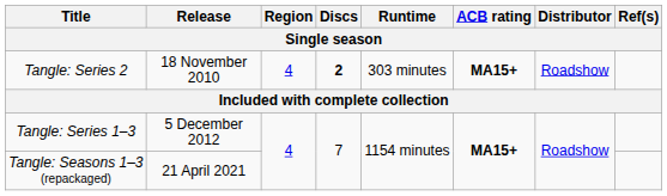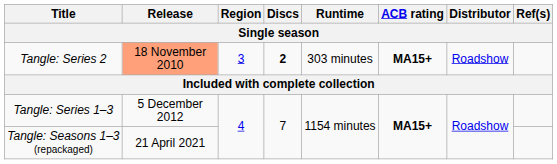 <table class="wikitable">
 <tr>
 <th width="150">Title</th>
 <th width="120">Release</th>
 <th>Region</th>
 <th>Discs</th>
 <th>Runtime</th>
 <th><a href='#'>ACB</a> rating</th>
 <th>Distributor</th>
 <th>Ref(s)</th>
 </tr>
 <tr>
 <th colspan=8>Single season</th>
 </tr>
 <tr>
 <td align="center"><em>Tangle: Series 2</em></td>
-<td align="center">18 November 2010</td>
-<td align="center"><a href='#'>4</a></td>
+<td align="center" style="background: lightsalmon;">18 November 2010</td>
+<td align="center"><a href='#'>3</a></td>
 <td align="center"><strong>2</strong></td>
 <td align="center">303 minutes</td>
 <td align="center"><span> <strong>MA15+</strong> </span></td>
 <td align="center"><a href='#'>Roadshow</a></td>
 <td align="center"></td>
 </tr>
 <tr>
 <th colspan=8>Included with complete collection</th>
 </tr>
 <tr>
 <td align="center"><em>Tangle: Series 1–3</em></td>
 <td align="center">5 December 2012</td>
 <td rowspan="2" align="center"><a href='#'>4</a></td>
 <td rowspan="2" align="center">7</td>
 <td rowspan="2" align="center">1154 minutes</td>
 <td rowspan="2" align="center"><span> <strong>MA15+</strong> </span></td>
 <td rowspan="2" align="center"><a href='#'>Roadshow</a></td>
 <td align="center"></td>
 </tr>
 <tr>
 <td align="center"><em>Tangle: Seasons 1–3</em> <small>(repackaged)</small></td>
 <td align="center">21 April 2021</td>
 <td align="center"></td>
 </tr>
 </table>
